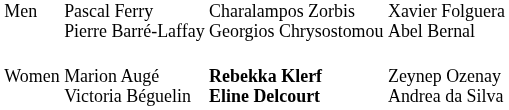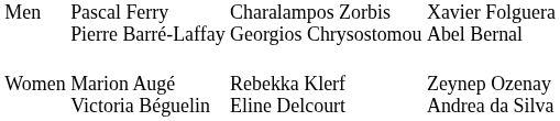 <table>
 <tr>
 <td>Men</td>
 <td nowrap><br>Pascal Ferry<br>Pierre Barré-Laffay</td>
 <td nowrap><br>Charalampos Zorbis<br>Georgios Chrysostomou</td>
 <td><br>Xavier Folguera<br>Abel Bernal</td>
 </tr>
 <tr>
 <td>Women</td>
 <td><br>Marion Augé<br>Victoria Béguelin</td>
-<td><strong><br>Rebekka Klerf<br>Eline Delcourt</strong></td>
+<td><br>Rebekka Klerf<br>Eline Delcourt</td>
 <td nowrap><br>Zeynep Ozenay<br>Andrea da Silva</td>
 </tr>
 </table>
